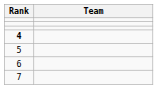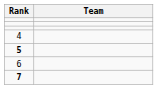 <table class="wikitable" style="text-align: center;">
 <tr>
 <th width=40>Rank</th>
 <th width=180>Team</th>
 </tr>
 <tr>
 <td></td>
 <td align=left></td>
 </tr>
 <tr>
 <td></td>
 <td align=left></td>
 </tr>
 <tr>
 <td></td>
 <td align=left></td>
 </tr>
 <tr>
-<td><strong>4</strong></td>
+<td>4</td>
 <td align=left></td>
 </tr>
 <tr>
-<td>5</td>
+<td><strong>5</strong></td>
 <td align=left></td>
 </tr>
 <tr>
 <td>6</td>
 <td align=left></td>
 </tr>
 <tr>
-<td>7</td>
+<td><strong>7</strong></td>
 <td align=left></td>
 </tr>
 </table>
